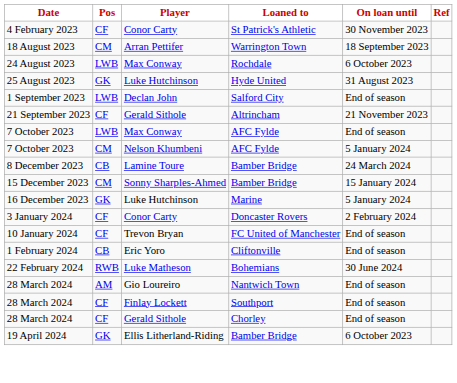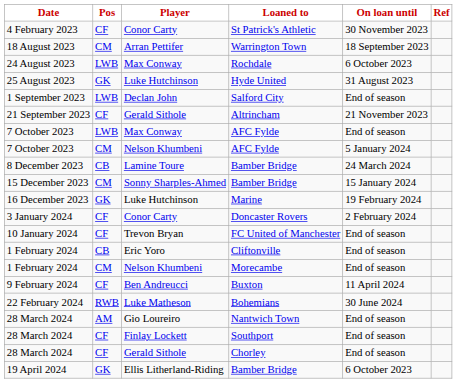 <table class="wikitable plainrowheaders sortable">
 <tr>
 <th style="background:#ffffff;color:#cc0000;">Date</th>
 <th style="background:#ffffff;color:#cc0000;">Pos</th>
 <th style="background:#ffffff;color:#cc0000;">Player</th>
 <th style="background:#ffffff;color:#cc0000;">Loaned to</th>
 <th style="background:#ffffff;color:#cc0000;">On loan until</th>
 <th style="background:#ffffff;color:#cc0000;">Ref</th>
 </tr>
 <tr>
 <td>4 February 2023</td>
 <td><a href='#'>CF</a></td>
 <td> <a href='#'>Conor Carty</a></td>
 <td> <a href='#'>St Patrick's Athletic</a></td>
 <td>30 November 2023</td>
 <td></td>
 </tr>
 <tr>
 <td>18 August 2023</td>
 <td><a href='#'>CM</a></td>
 <td> <a href='#'>Arran Pettifer</a></td>
 <td> <a href='#'>Warrington Town</a></td>
 <td>18 September 2023</td>
 <td></td>
 </tr>
 <tr>
 <td>24 August 2023</td>
 <td><a href='#'>LWB</a></td>
 <td> <a href='#'>Max Conway</a></td>
 <td> <a href='#'>Rochdale</a></td>
 <td>6 October 2023</td>
 <td></td>
 </tr>
 <tr>
 <td>25 August 2023</td>
 <td><a href='#'>GK</a></td>
 <td> <a href='#'>Luke Hutchinson</a></td>
 <td> <a href='#'>Hyde United</a></td>
 <td>31 August 2023</td>
 <td></td>
 </tr>
 <tr>
 <td>1 September 2023</td>
 <td><a href='#'>LWB</a></td>
 <td> <a href='#'>Declan John</a></td>
 <td> <a href='#'>Salford City</a></td>
 <td>End of season</td>
 <td></td>
 </tr>
 <tr>
 <td>21 September 2023</td>
 <td><a href='#'>CF</a></td>
 <td> <a href='#'>Gerald Sithole</a></td>
 <td> <a href='#'>Altrincham</a></td>
 <td>21 November 2023</td>
 <td></td>
 </tr>
 <tr>
 <td>7 October 2023</td>
 <td><a href='#'>LWB</a></td>
 <td> <a href='#'>Max Conway</a></td>
 <td> <a href='#'>AFC Fylde</a></td>
 <td>End of season</td>
 <td></td>
 </tr>
 <tr>
 <td>7 October 2023</td>
 <td><a href='#'>CM</a></td>
 <td> <a href='#'>Nelson Khumbeni</a></td>
 <td> <a href='#'>AFC Fylde</a></td>
 <td>5 January 2024</td>
 <td></td>
 </tr>
 <tr>
 <td>8 December 2023</td>
 <td><a href='#'>CB</a></td>
 <td> <a href='#'>Lamine Toure</a></td>
 <td> <a href='#'>Bamber Bridge</a></td>
 <td>24 March 2024</td>
 <td></td>
 </tr>
 <tr>
 <td>15 December 2023</td>
 <td><a href='#'>CM</a></td>
 <td> <a href='#'>Sonny Sharples-Ahmed</a></td>
 <td> <a href='#'>Bamber Bridge</a></td>
 <td>15 January 2024</td>
 <td></td>
 </tr>
 <tr>
 <td>16 December 2023</td>
 <td><a href='#'>GK</a></td>
 <td> Luke Hutchinson</td>
 <td> <a href='#'>Marine</a></td>
-<td>5 January 2024</td>
+<td>19 February 2024</td>
 <td></td>
 </tr>
 <tr>
 <td>3 January 2024</td>
 <td><a href='#'>CF</a></td>
 <td> <a href='#'>Conor Carty</a></td>
 <td> <a href='#'>Doncaster Rovers</a></td>
 <td>2 February 2024</td>
 <td></td>
 </tr>
 <tr>
 <td>10 January 2024</td>
 <td><a href='#'>CF</a></td>
 <td> Trevon Bryan</td>
 <td> <a href='#'>FC United of Manchester</a></td>
 <td>End of season</td>
 <td></td>
 </tr>
 <tr>
 <td>1 February 2024</td>
 <td><a href='#'>CB</a></td>
 <td> Eric Yoro</td>
 <td> <a href='#'>Cliftonville</a></td>
 <td>End of season</td>
+<td></td>
+</tr>
+<tr>
+<td>1 February 2024</td>
+<td><a href='#'>CM</a></td>
+<td> <a href='#'>Nelson Khumbeni</a></td>
+<td> <a href='#'>Morecambe</a></td>
+<td>End of season</td>
+<td></td>
+</tr>
+<tr>
+<td>9 February 2024</td>
+<td><a href='#'>CF</a></td>
+<td> <a href='#'>Ben Andreucci</a></td>
+<td> <a href='#'>Buxton</a></td>
+<td>11 April 2024</td>
 <td></td>
 </tr>
 <tr>
 <td>22 February 2024</td>
 <td><a href='#'>RWB</a></td>
 <td> <a href='#'>Luke Matheson</a></td>
 <td> <a href='#'>Bohemians</a></td>
 <td>30 June 2024</td>
 <td></td>
 </tr>
 <tr>
 <td>28 March 2024</td>
 <td><a href='#'>AM</a></td>
 <td> Gio Loureiro</td>
 <td> <a href='#'>Nantwich Town</a></td>
 <td>End of season</td>
 <td></td>
 </tr>
 <tr>
 <td>28 March 2024</td>
 <td><a href='#'>CF</a></td>
 <td> <a href='#'>Finlay Lockett</a></td>
 <td> <a href='#'>Southport</a></td>
 <td>End of season</td>
 <td></td>
 </tr>
 <tr>
 <td>28 March 2024</td>
 <td><a href='#'>CF</a></td>
 <td> <a href='#'>Gerald Sithole</a></td>
 <td> <a href='#'>Chorley</a></td>
 <td>End of season</td>
 <td></td>
 </tr>
 <tr>
 <td>19 April 2024</td>
 <td><a href='#'>GK</a></td>
 <td> Ellis Litherland-Riding</td>
 <td> <a href='#'>Bamber Bridge</a></td>
 <td>6 October 2023</td>
 <td></td>
 </tr>
 </table>
